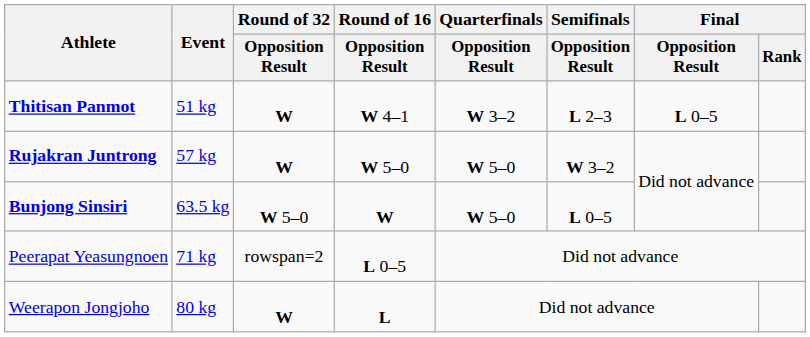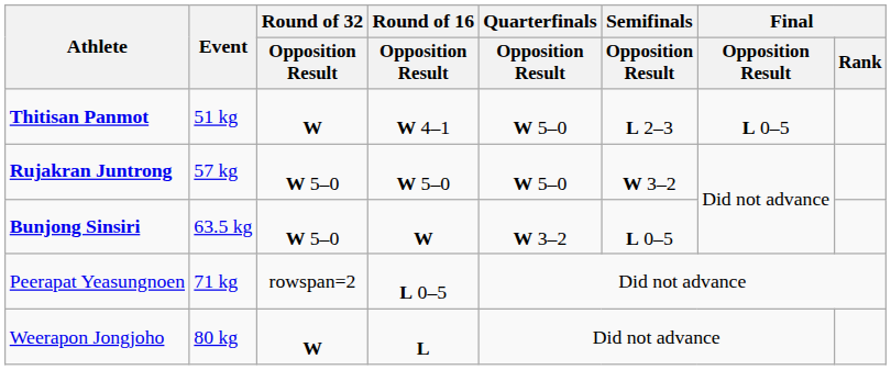 <table class="wikitable" style="font-size:90%">
 <tr>
 <th rowspan="2">Athlete</th>
 <th rowspan="2">Event</th>
 <th>Round of 32</th>
 <th>Round of 16</th>
 <th>Quarterfinals</th>
 <th>Semifinals</th>
 <th colspan=2>Final</th>
 </tr>
 <tr style="font-size:95%">
 <th>Opposition<br>Result</th>
 <th>Opposition<br>Result</th>
 <th>Opposition<br>Result</th>
 <th>Opposition<br>Result</th>
 <th>Opposition<br>Result</th>
 <th>Rank</th>
 </tr>
 <tr align=center>
 <td align=left><strong><a href='#'>Thitisan Panmot</a></strong></td>
 <td align=left><a href='#'>51 kg</a></td>
 <td> <br><strong>W</strong> </td>
 <td> <br><strong>W</strong> 4–1</td>
-<td> <br><strong>W</strong> 3–2</td>
+<td> <br><strong>W</strong> 5–0</td>
 <td> <br><strong>L</strong> 2–3</td>
 <td> <br><strong>L</strong> 0–5</td>
 <td></td>
 </tr>
 <tr align=center>
 <td align=left><strong><a href='#'>Rujakran Juntrong</a></strong></td>
 <td align=left><a href='#'>57 kg</a></td>
-<td> <br><strong>W</strong> </td>
+<td> <br><strong>W</strong> 5–0</td>
 <td> <br><strong>W</strong> 5–0</td>
 <td> <br><strong>W</strong> 5–0</td>
 <td> <br><strong>W</strong> 3–2</td>
 <td rowspan=2>Did not advance</td>
 <td></td>
 </tr>
 <tr align=center>
 <td align=left><strong><a href='#'>Bunjong Sinsiri</a></strong></td>
 <td align=left><a href='#'>63.5 kg</a></td>
 <td> <br><strong>W</strong> 5–0</td>
 <td> <br><strong>W</strong> </td>
-<td> <br><strong>W</strong> 5–0</td>
+<td> <br><strong>W</strong> 3–2</td>
 <td> <br><strong>L</strong> 0–5</td>
 <td></td>
 </tr>
 <tr align=center>
 <td align=left><a href='#'>Peerapat Yeasungnoen</a></td>
 <td align=left><a href='#'>71 kg</a></td>
 <td>rowspan=2 </td>
 <td> <br><strong>L</strong> 0–5</td>
 <td colspan=4>Did not advance</td>
 </tr>
 <tr align=center>
 <td align=left><a href='#'>Weerapon Jongjoho</a></td>
 <td align=left><a href='#'>80 kg</a></td>
 <td> <br><strong>W</strong> </td>
 <td> <br><strong>L</strong> </td>
 <td colspan=3>Did not advance</td>
 </tr>
 </table>
